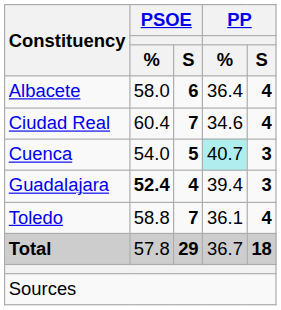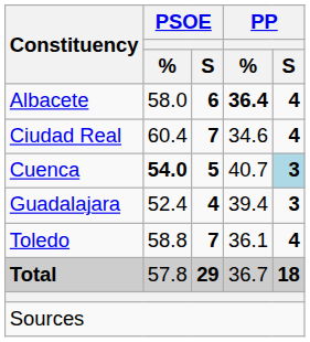 <table class="wikitable sortable" style="text-align:right; line-height:20px;">
 <tr>
 <th rowspan="3">Constituency</th>
 <th colspan="2" width="30px" class="unsortable"><a href='#'>PSOE</a></th>
 <th colspan="2" width="30px" class="unsortable"><a href='#'>PP</a></th>
 </tr>
 <tr>
 <th colspan="2" style="background:"></th>
 <th colspan="2" style="background:"></th>
 </tr>
 <tr>
 <th data-sort-type="number">%</th>
 <th data-sort-type="number">S</th>
 <th data-sort-type="number">%</th>
 <th data-sort-type="number">S</th>
 </tr>
 <tr>
 <td align="left"><a href='#'>Albacete</a></td>
 <td style="background:">58.0</td>
 <td><strong>6</strong></td>
-<td>36.4</td>
+<td><strong>36.4</strong></td>
 <td><strong>4</strong></td>
 </tr>
 <tr>
 <td align="left"><a href='#'>Ciudad Real</a></td>
 <td style="background:">60.4</td>
 <td><strong>7</strong></td>
 <td>34.6</td>
 <td><strong>4</strong></td>
 </tr>
 <tr>
 <td align="left"><a href='#'>Cuenca</a></td>
-<td style="background:">54.0</td>
+<td style="background:"><strong>54.0</strong></td>
 <td><strong>5</strong></td>
-<td style="background: paleturquoise;">40.7</td>
-<td><strong>3</strong></td>
+<td>40.7</td>
+<td style="background: lightblue;"><strong>3</strong></td>
 </tr>
 <tr>
 <td align="left"><a href='#'>Guadalajara</a></td>
-<td style="background:"><strong>52.4</strong></td>
+<td style="background:">52.4</td>
 <td><strong>4</strong></td>
 <td>39.4</td>
 <td><strong>3</strong></td>
 </tr>
 <tr>
 <td align="left"><a href='#'>Toledo</a></td>
 <td style="background:">58.8</td>
 <td><strong>7</strong></td>
 <td>36.1</td>
 <td><strong>4</strong></td>
 </tr>
 <tr style="background:#CDCDCD;">
 <td align="left"><strong>Total</strong></td>
 <td style="background:">57.8</td>
 <td><strong>29</strong></td>
 <td>36.7</td>
 <td><strong>18</strong></td>
 </tr>
 <tr>
 <th colspan="5"></th>
 </tr>
 <tr>
 <th style="text-align:left; font-weight:normal; background:#F9F9F9" colspan="5">Sources</th>
 </tr>
 </table>
